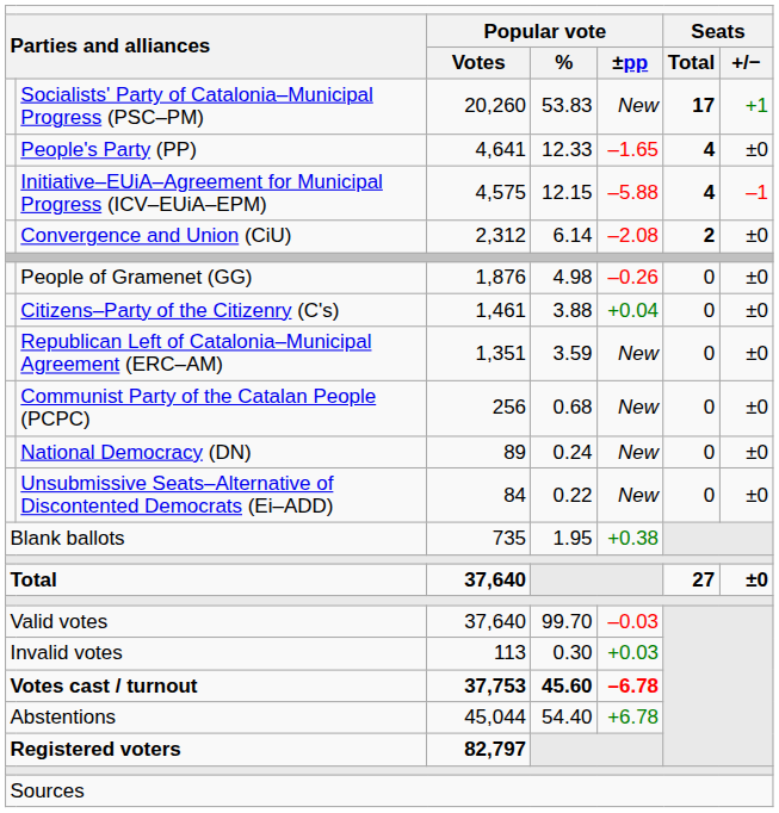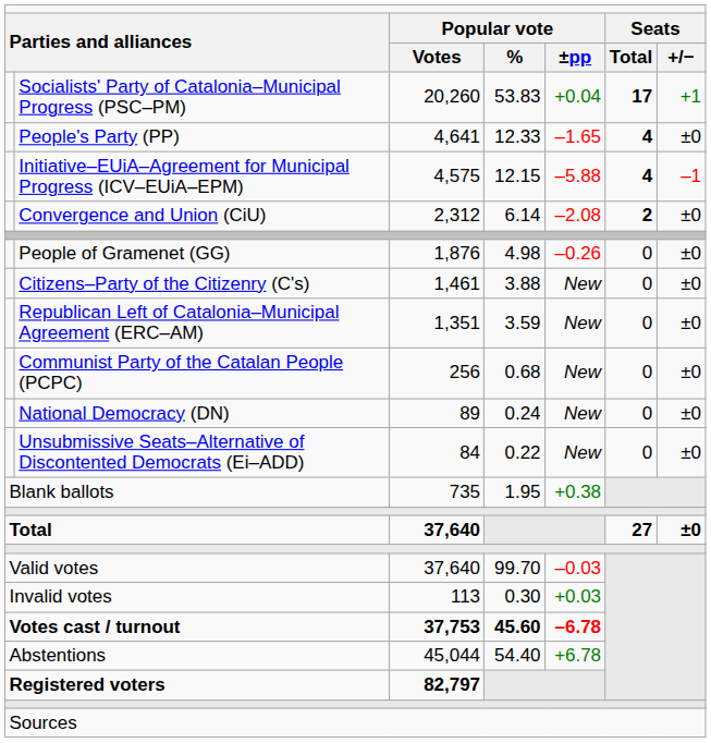 <table class="wikitable" style="text-align:right;">
 <tr>
 <td colspan="7"></td>
 </tr>
 <tr>
 <th style="text-align:left;" rowspan="2" colspan="2" width="525">Parties and alliances</th>
 <th colspan="3">Popular vote</th>
 <th colspan="2">Seats</th>
 </tr>
 <tr>
 <th width="75">Votes</th>
 <th width="45">%</th>
 <th width="45">±<a href='#'>pp</a></th>
 <th width="35">Total</th>
 <th width="35">+/−</th>
 </tr>
 <tr>
 <td width="1" style="color:inherit;background:"></td>
 <td align="left"><a href='#'>Socialists' Party of Catalonia–Municipal Progress</a> (PSC–PM)</td>
 <td>20,260</td>
 <td>53.83</td>
-<td><em>New</em></td>
+<td style="color:green;">+0.04</td>
 <td><strong>17</strong></td>
 <td style="color:green;">+1</td>
 </tr>
 <tr>
 <td style="color:inherit;background:"></td>
 <td align="left"><a href='#'>People's Party</a> (PP)</td>
 <td>4,641</td>
 <td>12.33</td>
 <td style="color:red;">–1.65</td>
 <td><strong>4</strong></td>
 <td>±0</td>
 </tr>
 <tr>
 <td style="color:inherit;background:"></td>
 <td align="left"><a href='#'>Initiative–EUiA–Agreement for Municipal Progress</a> (ICV–EUiA–EPM)</td>
 <td>4,575</td>
 <td>12.15</td>
 <td style="color:red;">–5.88</td>
 <td><strong>4</strong></td>
 <td style="color:red;">–1</td>
 </tr>
 <tr>
 <td style="color:inherit;background:"></td>
 <td align="left"><a href='#'>Convergence and Union</a> (CiU)</td>
 <td>2,312</td>
 <td>6.14</td>
 <td style="color:red;">–2.08</td>
 <td><strong>2</strong></td>
 <td>±0</td>
 </tr>
 <tr>
 <td colspan="7" style="color:inherit;background:#C0C0C0"></td>
 </tr>
 <tr>
 <td style="color:inherit;background:"></td>
 <td align="left">People of Gramenet (GG)</td>
 <td>1,876</td>
 <td>4.98</td>
 <td style="color:red;">–0.26</td>
 <td>0</td>
 <td>±0</td>
 </tr>
 <tr>
 <td style="color:inherit;background:"></td>
 <td align="left"><a href='#'>Citizens–Party of the Citizenry</a> (C's)</td>
 <td>1,461</td>
 <td>3.88</td>
-<td style="color:green;">+0.04</td>
+<td><em>New</em></td>
 <td>0</td>
 <td>±0</td>
 </tr>
 <tr>
 <td style="color:inherit;background:"></td>
 <td align="left"><a href='#'>Republican Left of Catalonia–Municipal Agreement</a> (ERC–AM)</td>
 <td>1,351</td>
 <td>3.59</td>
 <td><em>New</em></td>
 <td>0</td>
 <td>±0</td>
 </tr>
 <tr>
 <td style="color:inherit;background:"></td>
 <td align="left"><a href='#'>Communist Party of the Catalan People</a> (PCPC)</td>
 <td>256</td>
 <td>0.68</td>
 <td><em>New</em></td>
 <td>0</td>
 <td>±0</td>
 </tr>
 <tr>
 <td style="color:inherit;background:"></td>
 <td align="left"><a href='#'>National Democracy</a> (DN)</td>
 <td>89</td>
 <td>0.24</td>
 <td><em>New</em></td>
 <td>0</td>
 <td>±0</td>
 </tr>
 <tr>
 <td style="color:inherit;background:"></td>
 <td align="left"><a href='#'>Unsubmissive Seats–Alternative of Discontented Democrats</a> (Ei–ADD)</td>
 <td>84</td>
 <td>0.22</td>
 <td><em>New</em></td>
 <td>0</td>
 <td>±0</td>
 </tr>
 <tr>
 <td align="left" colspan="2">Blank ballots</td>
 <td>735</td>
 <td>1.95</td>
 <td style="color:green;">+0.38</td>
 <td style="color:inherit;background:#E9E9E9" colspan="2"></td>
 </tr>
 <tr>
 <td colspan="7" style="color:inherit;background:#E9E9E9"></td>
 </tr>
 <tr style="font-weight:bold;">
 <td align="left" colspan="2">Total</td>
 <td>37,640</td>
 <td bgcolor="#E9E9E9" colspan="2"></td>
 <td>27</td>
 <td>±0</td>
 </tr>
 <tr>
 <td colspan="7" style="color:inherit;background:#E9E9E9"></td>
 </tr>
 <tr>
 <td align="left" colspan="2">Valid votes</td>
 <td>37,640</td>
 <td>99.70</td>
 <td style="color:red;">–0.03</td>
 <td bgcolor="#E9E9E9" colspan="2" rowspan="5"></td>
 </tr>
 <tr>
 <td align="left" colspan="2">Invalid votes</td>
 <td>113</td>
 <td>0.30</td>
 <td style="color:green;">+0.03</td>
 </tr>
 <tr style="font-weight:bold;">
 <td align="left" colspan="2">Votes cast / turnout</td>
 <td>37,753</td>
 <td>45.60</td>
 <td style="color:red;">–6.78</td>
 </tr>
 <tr>
 <td align="left" colspan="2">Abstentions</td>
 <td>45,044</td>
 <td>54.40</td>
 <td style="color:green;">+6.78</td>
 </tr>
 <tr style="font-weight:bold;">
 <td align="left" colspan="2">Registered voters</td>
 <td>82,797</td>
 <td bgcolor="#E9E9E9" colspan="2"></td>
 </tr>
 <tr>
 <td colspan="7" style="color:inherit;background:#E9E9E9"></td>
 </tr>
 <tr>
 <td align="left" colspan="7">Sources</td>
 </tr>
 </table>
